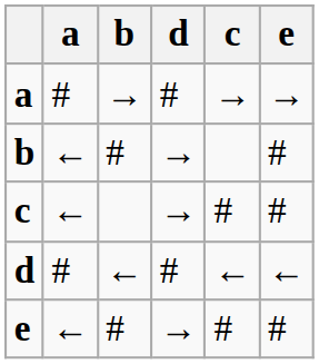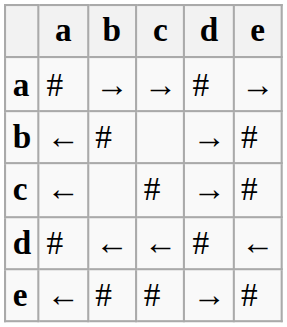 <table class="wikitable">
 <tr>
 <th></th>
 <th>a</th>
 <th>b</th>
+<th>c</th>
 <th>d</th>
-<th>c</th>
 <th>e</th>
 </tr>
 <tr>
 <td><strong>a</strong></td>
 <td>#</td>
 <td><strong>→</strong></td>
+<td><strong>→</strong></td>
 <td>#</td>
-<td><strong>→</strong></td>
 <td><strong>→</strong></td>
 </tr>
 <tr>
 <td><strong>b</strong></td>
 <td>←</td>
 <td>#</td>
+<td></td>
 <td><strong>→</strong></td>
-<td></td>
 <td>#</td>
 </tr>
 <tr>
 <td><strong>c</strong></td>
 <td>←</td>
 <td></td>
+<td>#</td>
 <td><strong>→</strong></td>
-<td>#</td>
 <td>#</td>
 </tr>
 <tr>
 <td><strong>d</strong></td>
 <td>#</td>
 <td>←</td>
+<td>←</td>
 <td>#</td>
-<td>←</td>
 <td>←</td>
 </tr>
 <tr>
 <td><strong>e</strong></td>
 <td>←</td>
 <td>#</td>
+<td>#</td>
 <td><strong>→</strong></td>
-<td>#</td>
 <td>#</td>
 </tr>
 </table>
